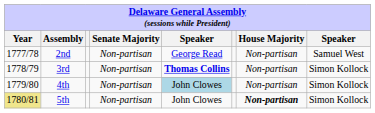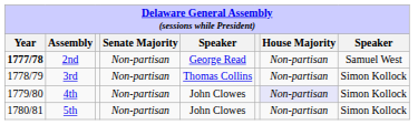 <table class="wikitable" style="text-align: center;" align="center">
 <tr bgcolor="#cccccc">
 <th colspan="12" style="background: #ccccff;"><strong><a href='#'>Delaware General Assembly</a></strong> <br> <small> <em>(sessions while President)</em></small></th>
 </tr>
 <tr>
 <th><strong>Year</strong></th>
 <th><strong>Assembly</strong></th>
 <th></th>
 <th><strong>Senate Majority</strong></th>
 <th><strong>Speaker</strong></th>
 <th></th>
 <th><strong>House Majority</strong></th>
 <th><strong>Speaker</strong></th>
 </tr>
 <tr>
-<td>1777/78</td>
+<td><strong>1777/78</strong></td>
 <td><a href='#'>2nd</a></td>
 <td></td>
 <td><em>Non-partisan</em></td>
 <td><a href='#'>George Read</a></td>
 <td></td>
 <td><em>Non-partisan</em></td>
 <td>Samuel West</td>
 </tr>
 <tr>
 <td>1778/79</td>
 <td><a href='#'>3rd</a></td>
 <td></td>
 <td><em>Non-partisan</em></td>
-<td><strong><a href='#'>Thomas Collins</a></strong></td>
+<td><a href='#'>Thomas Collins</a></td>
 <td></td>
 <td><em>Non-partisan</em></td>
 <td>Simon Kollock</td>
 </tr>
 <tr>
 <td>1779/80</td>
 <td><a href='#'>4th</a></td>
 <td></td>
 <td><em>Non-partisan</em></td>
-<td style="background: lightblue;">John Clowes</td>
+<td>John Clowes</td>
 <td></td>
-<td><em>Non-partisan</em></td>
+<td style="background: lavender;"><em>Non-partisan</em></td>
 <td>Simon Kollock</td>
 </tr>
 <tr>
-<td style="background: khaki;">1780/81</td>
+<td>1780/81</td>
 <td><a href='#'>5th</a></td>
 <td></td>
 <td><em>Non-partisan</em></td>
 <td>John Clowes</td>
 <td></td>
-<td><strong><em>Non-partisan</em></strong></td>
+<td><em>Non-partisan</em></td>
 <td>Simon Kollock</td>
 </tr>
 </table>
